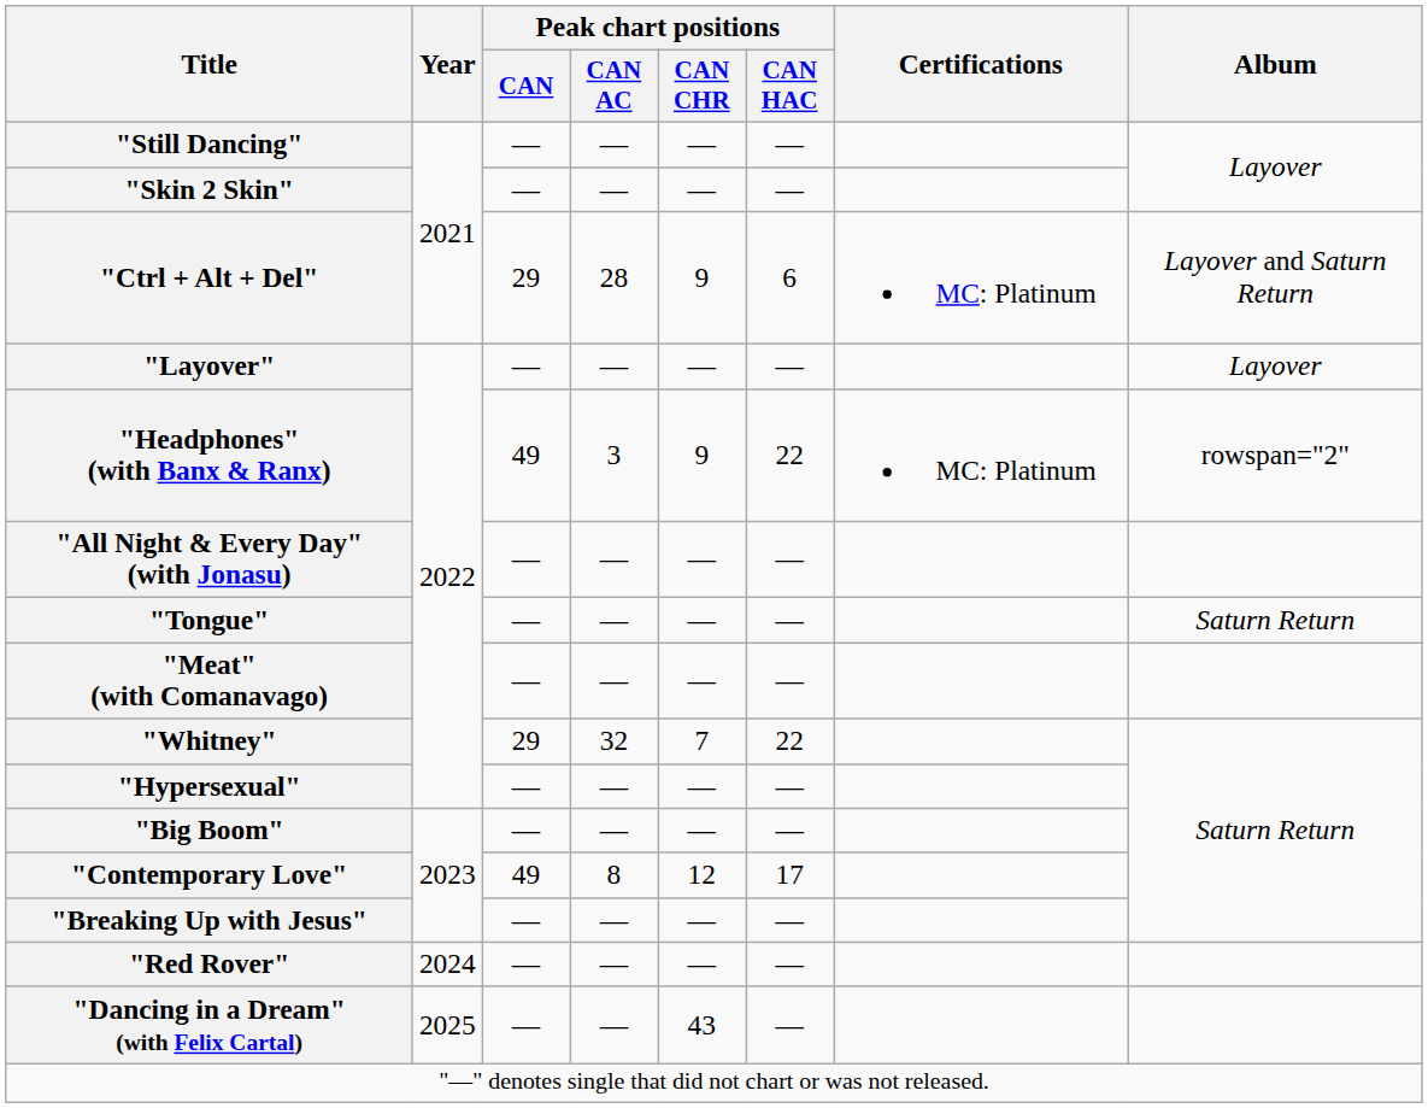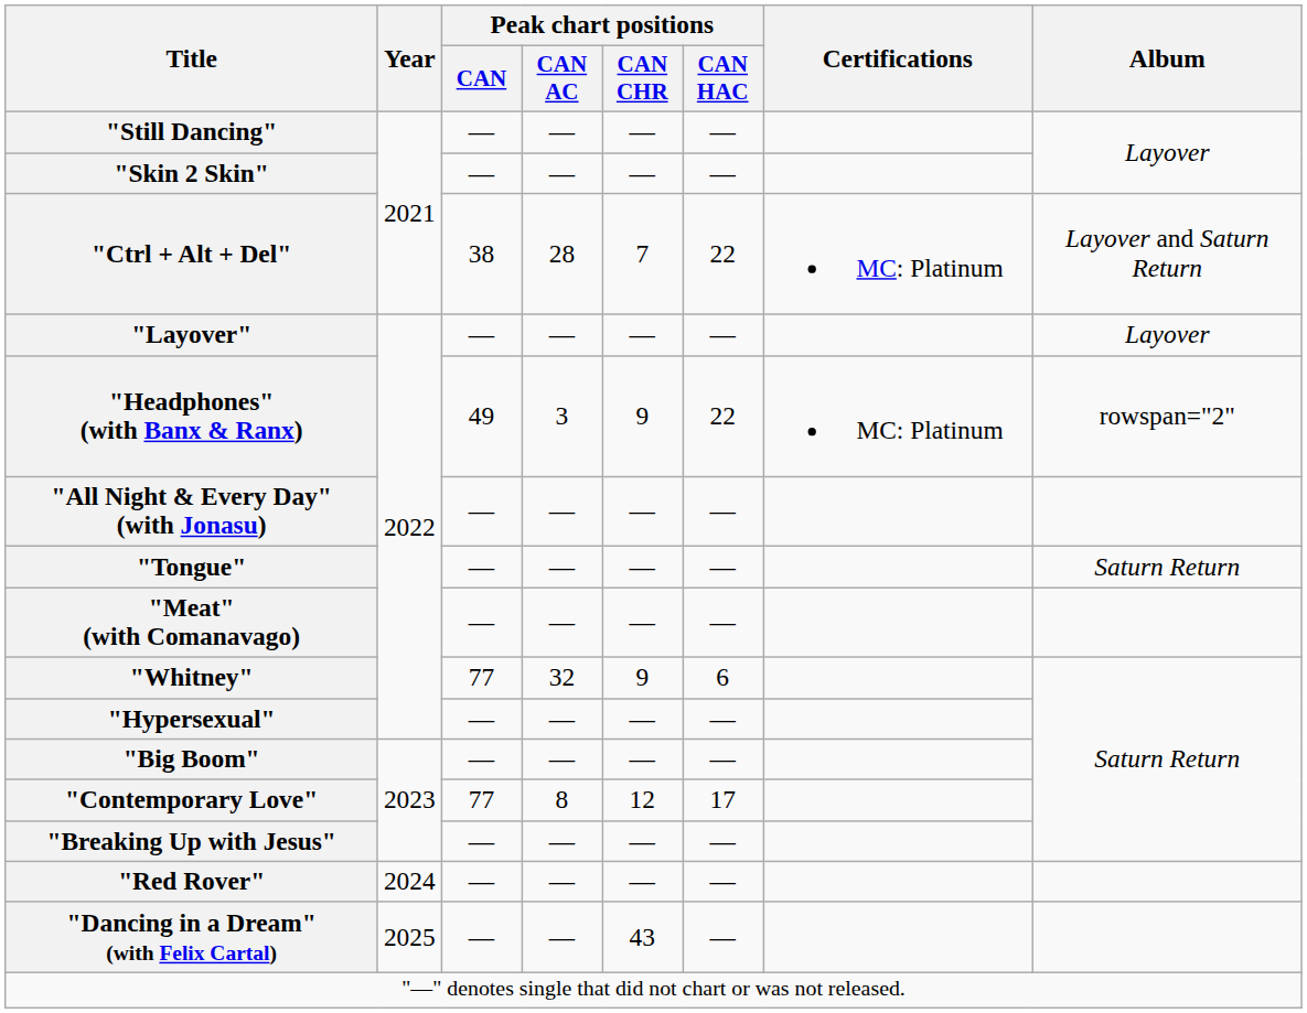 <table class="wikitable plainrowheaders" style="text-align:center;">
 <tr>
 <th scope="col" rowspan="2" style="width:14em;">Title</th>
 <th scope="col" rowspan="2" style="width:1em;">Year</th>
 <th scope="col" colspan="4">Peak chart positions</th>
 <th scope="col" rowspan="2" style="width:10em;">Certifications</th>
 <th scope="col" rowspan="2" style="width:10em;">Album</th>
 </tr>
 <tr>
 <th scope="col" style="width:3em;font-size:90%;"><a href='#'>CAN</a><br></th>
 <th scope="col" style="width:3em;font-size:90%;"><a href='#'>CAN<br>AC</a></th>
 <th scope="col" style="width:3em;font-size:90%;"><a href='#'>CAN CHR</a></th>
 <th scope="col" style="width:3em;font-size:90%;"><a href='#'>CAN HAC</a></th>
 </tr>
 <tr>
 <th scope="row">"Still Dancing"</th>
 <td rowspan="3">2021</td>
 <td>—</td>
 <td>—</td>
 <td>—</td>
 <td>—</td>
 <td></td>
 <td rowspan="2"><em>Layover</em></td>
 </tr>
 <tr>
 <th scope="row">"Skin 2 Skin"</th>
 <td>—</td>
 <td>—</td>
 <td>—</td>
 <td>—</td>
 <td></td>
 </tr>
 <tr>
 <th scope="row">"Ctrl + Alt + Del"</th>
-<td>29</td>
+<td>38</td>
 <td>28</td>
-<td>9</td>
-<td>6</td>
+<td>7</td>
+<td>22</td>
 <td><br><ul><li><a href='#'>MC</a>: Platinum</li></ul></td>
 <td><em>Layover</em> and <em>Saturn Return</em></td>
 </tr>
 <tr>
 <th scope="row">"Layover"</th>
 <td rowspan="7">2022</td>
 <td>—</td>
 <td>—</td>
 <td>—</td>
 <td>—</td>
 <td></td>
 <td><em>Layover</em></td>
 </tr>
 <tr>
 <th scope="row">"Headphones"<br><span>(with <a href='#'>Banx & Ranx</a>)</span></th>
 <td>49</td>
 <td>3</td>
 <td>9</td>
 <td>22</td>
 <td><br><ul><li>MC: Platinum</li></ul></td>
 <td>rowspan="2" </td>
 </tr>
 <tr>
 <th scope="row">"All Night & Every Day"<br><span>(with <a href='#'>Jonasu</a>)</span></th>
 <td>—</td>
 <td>—</td>
 <td>—</td>
 <td>—</td>
 <td></td>
 </tr>
 <tr>
 <th scope="row">"Tongue"</th>
 <td>—</td>
 <td>—</td>
 <td>—</td>
 <td>—</td>
 <td></td>
 <td><em>Saturn Return</em></td>
 </tr>
 <tr>
 <th scope="row">"Meat"<br><span>(with Comanavago)</span></th>
 <td>—</td>
 <td>—</td>
 <td>—</td>
 <td>—</td>
 <td></td>
 <td></td>
 </tr>
 <tr>
 <th scope="row">"Whitney"</th>
-<td>29</td>
+<td>77</td>
 <td>32</td>
-<td>7</td>
-<td>22</td>
+<td>9</td>
+<td>6</td>
 <td></td>
 <td rowspan="5"><em>Saturn Return</em></td>
 </tr>
 <tr>
 <th scope="row">"Hypersexual"</th>
 <td>—</td>
 <td>—</td>
 <td>—</td>
 <td>—</td>
 <td></td>
 </tr>
 <tr>
 <th scope="row">"Big Boom"</th>
 <td rowspan="3">2023</td>
 <td>—</td>
 <td>—</td>
 <td>—</td>
 <td>—</td>
 <td></td>
 </tr>
 <tr>
 <th scope="row">"Contemporary Love"</th>
-<td>49</td>
+<td>77</td>
 <td>8</td>
 <td>12</td>
 <td>17</td>
 <td></td>
 </tr>
 <tr>
 <th scope="row">"Breaking Up with Jesus"</th>
 <td>—</td>
 <td>—</td>
 <td>—</td>
 <td>—</td>
 <td></td>
 </tr>
 <tr>
 <th scope="row">"Red Rover"</th>
 <td>2024</td>
 <td>—</td>
 <td>—</td>
 <td>—</td>
 <td>—</td>
 <td></td>
 <td></td>
 </tr>
 <tr>
 <th scope="row">"Dancing in a Dream"<br><small>(with <a href='#'>Felix Cartal</a>)</small></th>
 <td>2025</td>
 <td>—</td>
 <td>—</td>
 <td>43</td>
 <td>—</td>
 <td></td>
 <td></td>
 </tr>
 <tr>
 <td colspan="8" style="text-align:center; font-size:85%;">"—" denotes single that did not chart or was not released.</td>
 </tr>
 </table>
